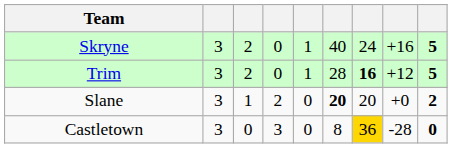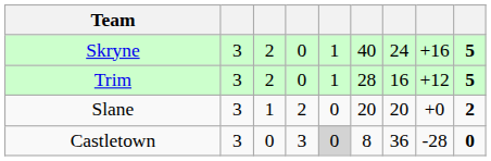 <table class="wikitable" style="text-align:center">
 <tr>
 <th style="width:175px;">Team</th>
 <th width="20"></th>
 <th width="20"></th>
 <th width="20"></th>
 <th width="20"></th>
 <th width="20"></th>
 <th width="20"></th>
 <th width="20"></th>
 <th width="20"></th>
 </tr>
 <tr style="background:#cfc;">
 <td><a href='#'>Skryne</a></td>
 <td>3</td>
 <td>2</td>
 <td>0</td>
 <td>1</td>
 <td>40</td>
 <td>24</td>
 <td>+16</td>
 <td><strong>5</strong></td>
 </tr>
 <tr style="background:#cfc;">
 <td><a href='#'>Trim</a></td>
 <td>3</td>
 <td>2</td>
 <td>0</td>
 <td>1</td>
 <td>28</td>
-<td><strong>16</strong></td>
+<td>16</td>
 <td>+12</td>
 <td><strong>5</strong></td>
 </tr>
 <tr>
 <td>Slane</td>
 <td>3</td>
 <td>1</td>
 <td>2</td>
 <td>0</td>
-<td><strong>20</strong></td>
+<td>20</td>
 <td>20</td>
 <td>+0</td>
 <td><strong>2</strong></td>
 </tr>
 <tr>
 <td>Castletown</td>
 <td>3</td>
 <td>0</td>
 <td>3</td>
-<td>0</td>
+<td style="background: lightgrey;">0</td>
 <td>8</td>
-<td style="background: gold;">36</td>
+<td>36</td>
 <td>-28</td>
 <td><strong>0</strong></td>
 </tr>
 </table>
